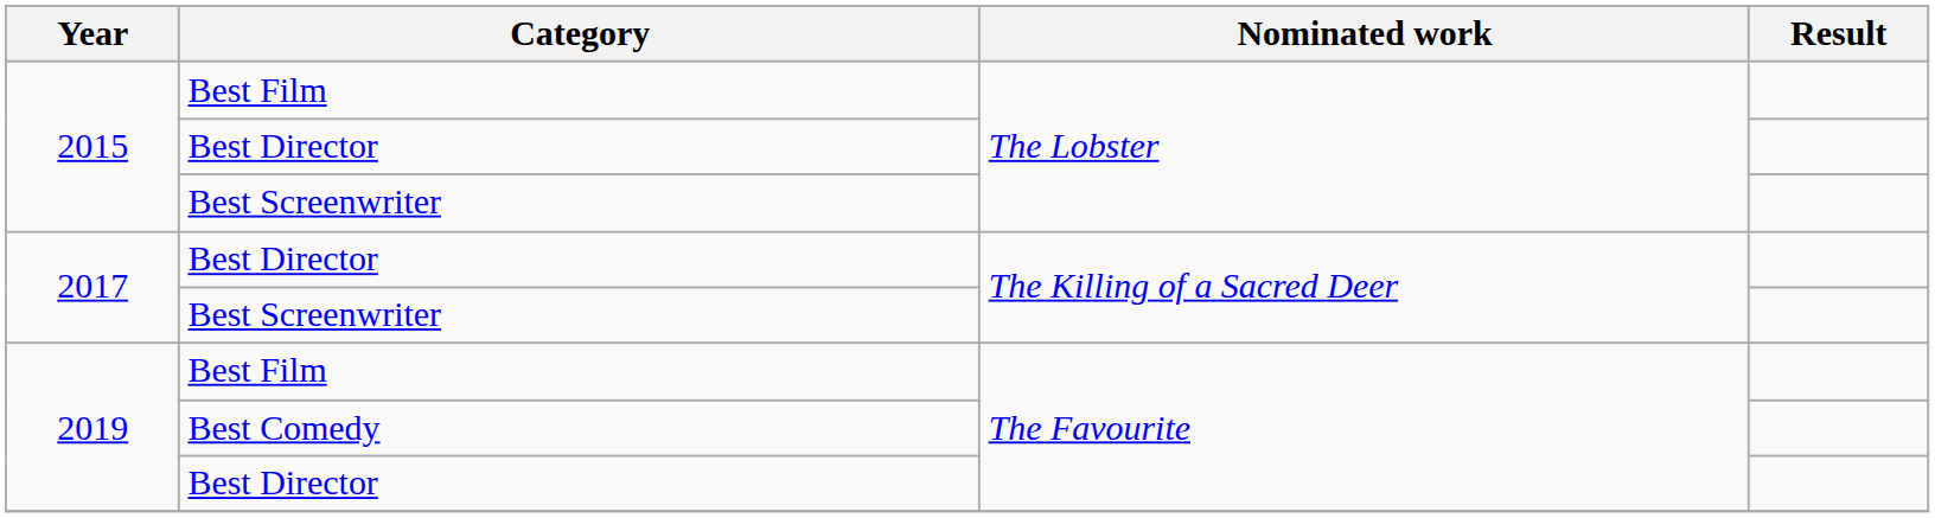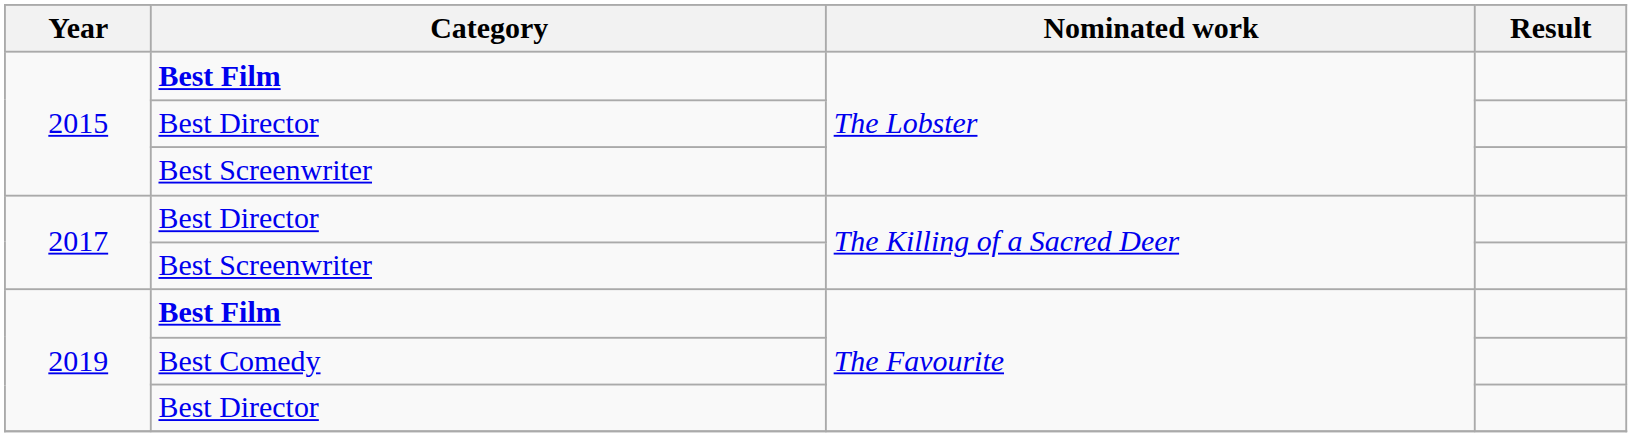 <table class=wikitable>
 <tr>
 <th scope="col" style="width:5em;">Year</th>
 <th scope="col" style="width:26em;">Category</th>
 <th scope="col" style="width:25em;">Nominated work</th>
 <th scope="col" style="width:5em;">Result</th>
 </tr>
 <tr>
 <td style="text-align:center;", rowspan="3"><a href='#'>2015</a></td>
-<td><a href='#'>Best Film</a></td>
+<td><strong><a href='#'>Best Film</a></strong></td>
 <td rowspan="3"><em><a href='#'>The Lobster</a></em></td>
 <td></td>
 </tr>
 <tr>
 <td><a href='#'>Best Director</a></td>
 <td></td>
 </tr>
 <tr>
 <td><a href='#'>Best Screenwriter</a></td>
 <td></td>
 </tr>
 <tr>
 <td style="text-align:center;", rowspan="2"><a href='#'>2017</a></td>
 <td><a href='#'>Best Director</a></td>
 <td rowspan="2"><em><a href='#'>The Killing of a Sacred Deer</a></em></td>
 <td></td>
 </tr>
 <tr>
 <td><a href='#'>Best Screenwriter</a></td>
 <td></td>
 </tr>
 <tr>
 <td style="text-align:center;", rowspan="3"><a href='#'>2019</a></td>
-<td><a href='#'>Best Film</a></td>
+<td><strong><a href='#'>Best Film</a></strong></td>
 <td rowspan="3"><em><a href='#'>The Favourite</a></em></td>
 <td></td>
 </tr>
 <tr>
 <td><a href='#'>Best Comedy</a></td>
 <td></td>
 </tr>
 <tr>
 <td><a href='#'>Best Director</a></td>
 <td></td>
 </tr>
 <tr>
 </tr>
 </table>
